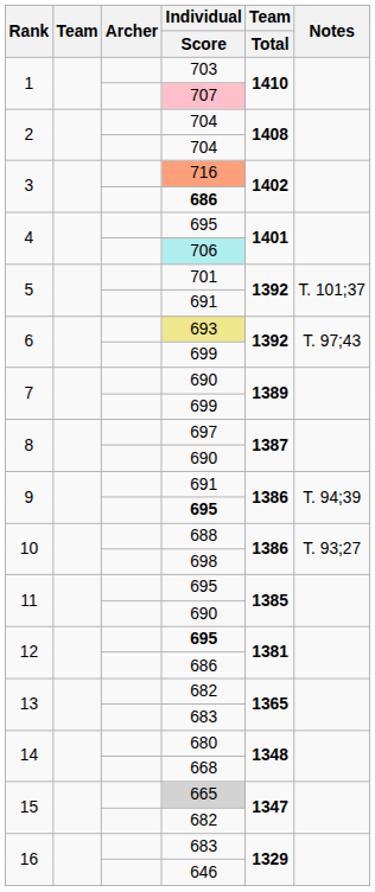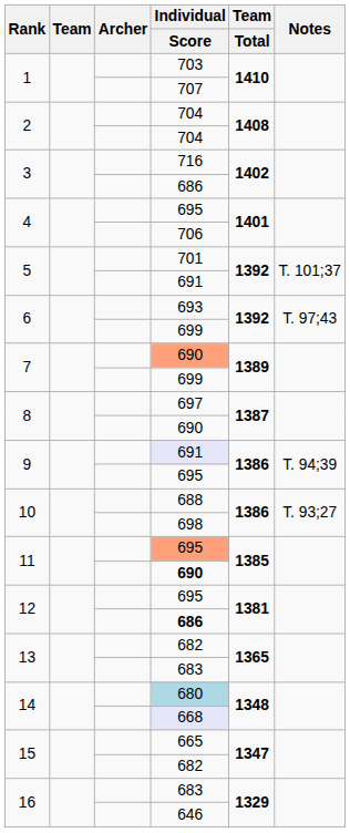 <table class="wikitable sortable" style="font-size:100%; text-align:center;">
 <tr>
 <th rowspan="2">Rank</th>
 <th rowspan="2">Team</th>
 <th rowspan="2">Archer</th>
 <th colspan="1">Individual</th>
 <th colspan="1">Team</th>
 <th rowspan="2">Notes</th>
 </tr>
 <tr>
 <th>Score</th>
 <th>Total</th>
 </tr>
 <tr>
 <td rowspan="2">1</td>
 <td rowspan="2" align="left"></td>
 <td align="left"></td>
 <td>703</td>
 <td rowspan="2"><strong>1410</strong></td>
 <td rowspan="2"></td>
 </tr>
 <tr>
 <td align="left"></td>
-<td style="background: pink;">707</td>
+<td>707</td>
 </tr>
 <tr>
 <td rowspan="2">2</td>
 <td rowspan="2" align="left"></td>
 <td align="left"></td>
 <td>704</td>
 <td rowspan="2"><strong>1408</strong></td>
 <td rowspan="2"></td>
 </tr>
 <tr>
 <td align="left"></td>
 <td>704</td>
 </tr>
 <tr>
 <td rowspan="2">3</td>
 <td rowspan="2" align="left"></td>
 <td align="left"></td>
-<td style="background: lightsalmon;">716</td>
+<td>716</td>
 <td rowspan="2"><strong>1402</strong></td>
 <td rowspan="2"></td>
 </tr>
 <tr>
 <td align="left"></td>
-<td><strong>686</strong></td>
+<td>686</td>
 </tr>
 <tr>
 <td rowspan="2">4</td>
 <td rowspan="2" align="left"></td>
 <td align="left"></td>
 <td>695</td>
 <td rowspan="2"><strong>1401</strong></td>
 <td rowspan="2"></td>
 </tr>
 <tr>
 <td align="left"></td>
-<td style="background: paleturquoise;">706</td>
+<td>706</td>
 </tr>
 <tr>
 <td rowspan="2">5</td>
 <td rowspan="2" align="left"></td>
 <td align="left"></td>
 <td>701</td>
 <td rowspan="2"><strong>1392</strong></td>
 <td rowspan="2">T. 101;37</td>
 </tr>
 <tr>
 <td align="left"></td>
 <td>691</td>
 </tr>
 <tr>
 <td rowspan="2">6</td>
 <td rowspan="2" align="left"></td>
 <td align="left"></td>
-<td style="background: khaki;">693</td>
+<td>693</td>
 <td rowspan="2"><strong>1392</strong></td>
 <td rowspan="2">T. 97;43</td>
 </tr>
 <tr>
 <td align="left"></td>
 <td>699</td>
 </tr>
 <tr>
 <td rowspan="2">7</td>
 <td rowspan="2" align="left"></td>
 <td align="left"></td>
-<td>690</td>
+<td style="background: lightsalmon;">690</td>
 <td rowspan="2"><strong>1389</strong></td>
 <td rowspan="2"></td>
 </tr>
 <tr>
 <td align="left"></td>
 <td>699</td>
 </tr>
 <tr>
 <td rowspan="2">8</td>
 <td rowspan="2" align="left"></td>
 <td align="left"></td>
 <td>697</td>
 <td rowspan="2"><strong>1387</strong></td>
 <td rowspan="2"></td>
 </tr>
 <tr>
 <td align="left"></td>
 <td>690</td>
 </tr>
 <tr>
 <td rowspan="2">9</td>
 <td rowspan="2" align="left"></td>
 <td align="left"></td>
-<td>691</td>
+<td style="background: lavender;">691</td>
 <td rowspan="2"><strong>1386</strong></td>
 <td rowspan="2">T. 94;39</td>
 </tr>
 <tr>
 <td align="left"></td>
-<td><strong>695</strong></td>
+<td>695</td>
 </tr>
 <tr>
 <td rowspan="2">10</td>
 <td rowspan="2" align="left"></td>
 <td align="left"></td>
 <td>688</td>
 <td rowspan="2"><strong>1386</strong></td>
 <td rowspan="2">T. 93;27</td>
 </tr>
 <tr>
 <td align="left"></td>
 <td>698</td>
 </tr>
 <tr>
 <td rowspan="2">11</td>
 <td rowspan="2" align="left"></td>
 <td align="left"></td>
-<td>695</td>
+<td style="background: lightsalmon;">695</td>
 <td rowspan="2"><strong>1385</strong></td>
 <td rowspan="2"></td>
 </tr>
 <tr>
 <td align="left"></td>
-<td>690</td>
+<td><strong>690</strong></td>
 </tr>
 <tr>
 <td rowspan="2">12</td>
 <td rowspan="2" align="left"></td>
 <td align="left"></td>
-<td><strong>695</strong></td>
+<td>695</td>
 <td rowspan="2"><strong>1381</strong></td>
 <td rowspan="2"></td>
 </tr>
 <tr>
 <td align="left"></td>
-<td>686</td>
+<td><strong>686</strong></td>
 </tr>
 <tr>
 <td rowspan="2">13</td>
 <td rowspan="2" align="left"></td>
 <td align="left"></td>
 <td>682</td>
 <td rowspan="2"><strong>1365</strong></td>
 <td rowspan="2"></td>
 </tr>
 <tr>
 <td align="left"></td>
 <td>683</td>
 </tr>
 <tr>
 <td rowspan="2">14</td>
 <td rowspan="2" align="left"></td>
 <td align="left"></td>
-<td>680</td>
+<td style="background: lightblue;">680</td>
 <td rowspan="2"><strong>1348</strong></td>
 <td rowspan="2"></td>
 </tr>
 <tr>
 <td align="left"></td>
-<td>668</td>
+<td style="background: lavender;">668</td>
 </tr>
 <tr>
 <td rowspan="2">15</td>
 <td rowspan="2" align="left"></td>
 <td align="left"></td>
-<td style="background: lightgrey;">665</td>
+<td>665</td>
 <td rowspan="2"><strong>1347</strong></td>
 <td rowspan="2"></td>
 </tr>
 <tr>
 <td align="left"></td>
 <td>682</td>
 </tr>
 <tr>
 <td rowspan="2">16</td>
 <td rowspan="2" align="left"></td>
 <td align="left"></td>
 <td>683</td>
 <td rowspan="2"><strong>1329</strong></td>
 <td rowspan="2"></td>
 </tr>
 <tr>
 <td align="left"></td>
 <td>646</td>
 </tr>
 </table>
